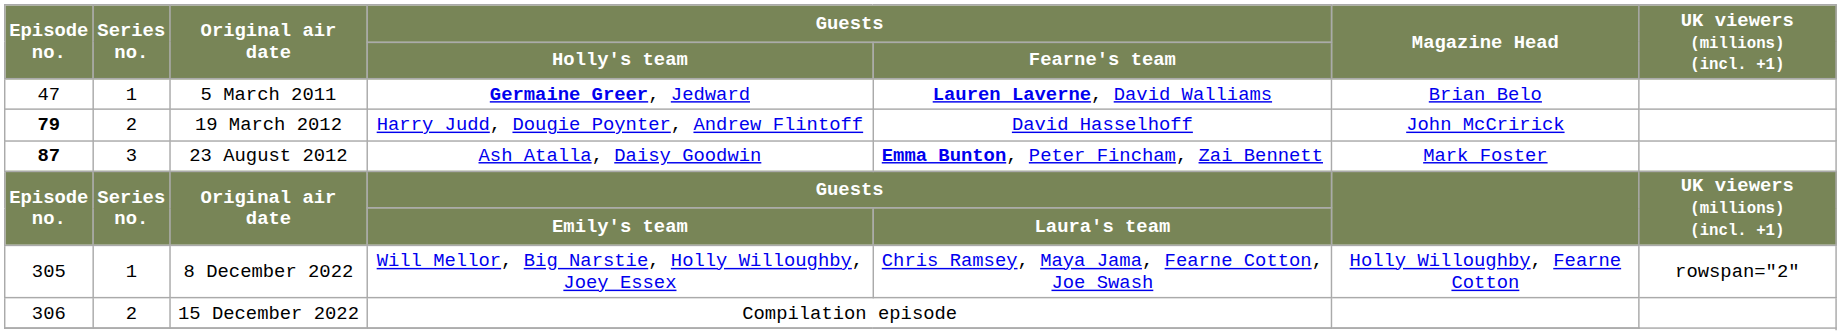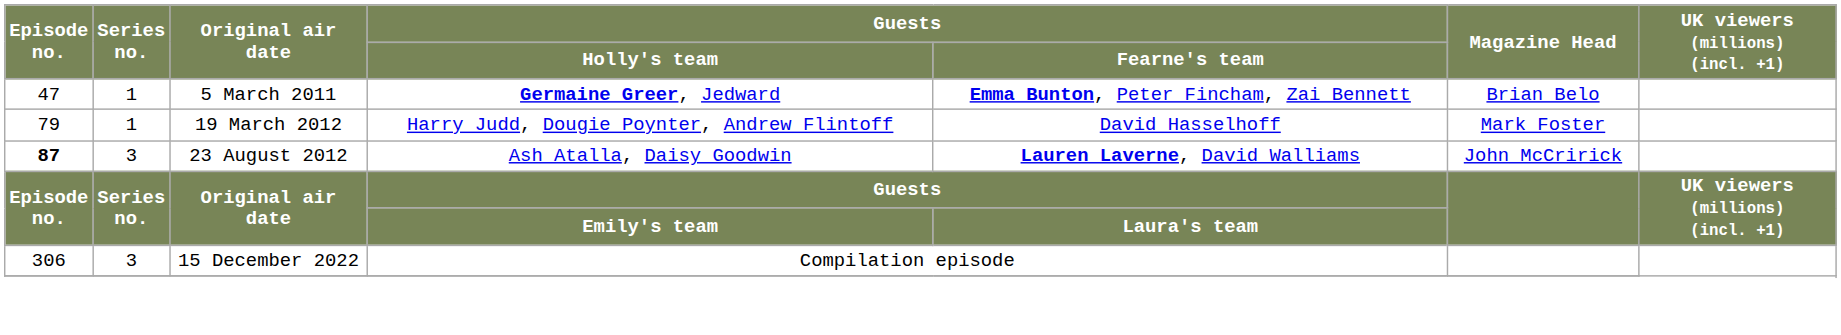 <table class="wikitable" style="width:100%; background:#fff; text-align:center;">
 <tr style="color:White">
 <th rowspan="2" style="background:#788557; width:20px;">Episode<br>no.</th>
 <th rowspan="2" style="background:#788557; width:20px;">Series<br>no.</th>
 <th rowspan="2" style="background:#788557; width:130px;">Original air date</th>
 <th colspan="2" style="background:#788557;">Guests</th>
 <th rowspan="2" style="background:#788557;">Magazine Head</th>
 <th rowspan="2" style="background:#788557; width:130px;">UK viewers <small>(millions)</small><br><small>(incl. +1)</small></th>
 </tr>
 <tr style="color:White">
 <th style="background:#788557;">Holly's team</th>
 <th style="background:#788557;">Fearne's team</th>
 </tr>
 <tr>
 <td>47</td>
 <td>1</td>
 <td>5 March 2011</td>
 <td><strong><a href='#'>Germaine Greer</a></strong>, <a href='#'>Jedward</a></td>
-<td><strong><a href='#'>Lauren Laverne</a></strong>, <a href='#'>David Walliams</a></td>
+<td><strong><a href='#'>Emma Bunton</a></strong>, <a href='#'>Peter Fincham</a>, <a href='#'>Zai Bennett</a></td>
 <td><a href='#'>Brian Belo</a></td>
 <td></td>
 </tr>
 <tr>
-<td><strong>79</strong></td>
-<td>2</td>
+<td>79</td>
+<td>1</td>
 <td>19 March 2012</td>
 <td><a href='#'>Harry Judd</a>, <a href='#'>Dougie Poynter</a>, <a href='#'>Andrew Flintoff</a></td>
 <td><a href='#'>David Hasselhoff</a></td>
-<td><a href='#'>John McCririck</a></td>
+<td><a href='#'>Mark Foster</a></td>
 <td></td>
 </tr>
 <tr>
 <td><strong>87</strong></td>
 <td>3</td>
 <td>23 August 2012</td>
 <td><a href='#'>Ash Atalla</a>, <a href='#'>Daisy Goodwin</a></td>
-<td><strong><a href='#'>Emma Bunton</a></strong>, <a href='#'>Peter Fincham</a>, <a href='#'>Zai Bennett</a></td>
-<td><a href='#'>Mark Foster</a></td>
+<td><strong><a href='#'>Lauren Laverne</a></strong>, <a href='#'>David Walliams</a></td>
+<td><a href='#'>John McCririck</a></td>
 <td></td>
 </tr>
 <tr style="color:white" ##788557;>
 <th rowspan="2" style="background:#788557; width:20px;">Episode<br>no.</th>
 <th rowspan="2" style="background:#788557; width:20px;">Series<br>no.</th>
 <th rowspan="2" style="background:#788557; width:130px;">Original air date</th>
 <th colspan="2" style="background:#788557;">Guests</th>
 <td rowspan="2" style="background:#788557;"></td>
 <th rowspan="2" style="background:#788557; width:130px;">UK viewers <small>(millions)</small><br><small>(incl. +1)</small></th>
 </tr>
 <tr style="color:white">
 <th style="background:#788557;">Emily's team</th>
 <th style="background:#788557;">Laura's team</th>
 </tr>
 <tr>
-<td>305</td>
-<td>1</td>
-<td>8 December 2022</td>
-<td><a href='#'>Will Mellor</a>, <a href='#'>Big Narstie</a>, <a href='#'>Holly Willoughby</a>, <a href='#'>Joey Essex</a></td>
-<td><a href='#'>Chris Ramsey</a>, <a href='#'>Maya Jama</a>, <a href='#'>Fearne Cotton</a>, <a href='#'>Joe Swash</a></td>
-<td><a href='#'>Holly Willoughby</a>, <a href='#'>Fearne Cotton</a></td>
-<td>rowspan="2" </td>
-</tr>
-<tr>
 <td>306</td>
-<td>2</td>
+<td>3</td>
 <td>15 December 2022</td>
 <td colspan="2">Compilation episode</td>
 <td></td>
 </tr>
 <tr>
 </tr>
 </table>
